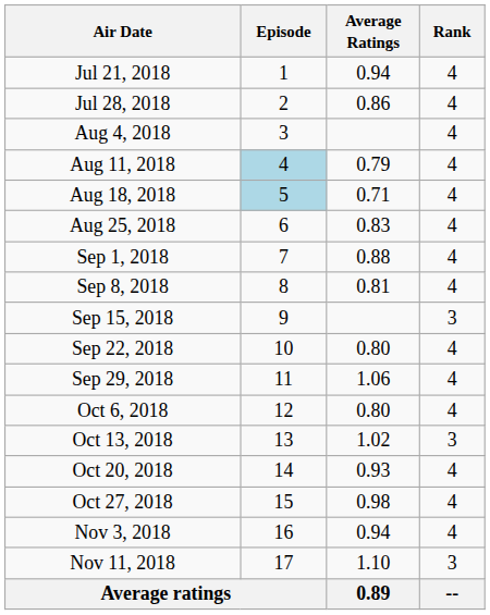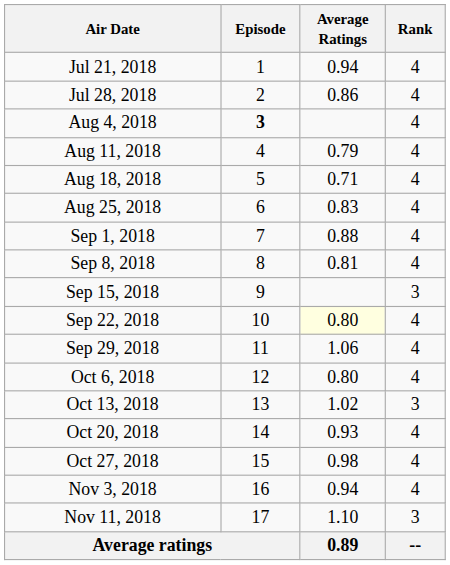 <table class="wikitable" style="text-align:center;width:45%;">
 <tr>
 <th width="25%"><small><strong>Air Date</strong></small></th>
 <th width="5%"><small><strong>Episode</strong></small></th>
 <th width="6%"><small><strong>Average Ratings</strong></small></th>
 <th width="4%"><small><strong>Rank</strong></small></th>
 </tr>
 <tr>
 <td>Jul 21, 2018</td>
 <td>1</td>
 <td>0.94</td>
 <td>4</td>
 </tr>
 <tr>
 <td>Jul 28, 2018</td>
 <td>2</td>
 <td>0.86</td>
 <td>4</td>
 </tr>
 <tr>
 <td>Aug 4, 2018</td>
-<td>3</td>
+<td><strong>3</strong></td>
 <td><strong></strong></td>
 <td>4</td>
 </tr>
 <tr>
 <td>Aug 11, 2018</td>
-<td style="background: lightblue;">4</td>
+<td>4</td>
 <td>0.79</td>
 <td>4</td>
 </tr>
 <tr>
 <td>Aug 18, 2018</td>
-<td style="background: lightblue;">5</td>
+<td>5</td>
 <td>0.71</td>
 <td>4</td>
 </tr>
 <tr>
 <td>Aug 25, 2018</td>
 <td>6</td>
 <td>0.83</td>
 <td>4</td>
 </tr>
 <tr>
 <td>Sep 1, 2018</td>
 <td>7</td>
 <td>0.88</td>
 <td>4</td>
 </tr>
 <tr>
 <td>Sep 8, 2018</td>
 <td>8</td>
 <td>0.81</td>
 <td>4</td>
 </tr>
 <tr>
 <td>Sep 15, 2018</td>
 <td>9</td>
 <td><strong></strong></td>
 <td>3</td>
 </tr>
 <tr>
 <td>Sep 22, 2018</td>
 <td>10</td>
-<td>0.80</td>
+<td style="background: lightyellow;">0.80</td>
 <td>4</td>
 </tr>
 <tr>
 <td>Sep 29, 2018</td>
 <td>11</td>
 <td>1.06</td>
 <td>4</td>
 </tr>
 <tr>
 <td>Oct 6, 2018</td>
 <td>12</td>
 <td>0.80</td>
 <td>4</td>
 </tr>
 <tr>
 <td>Oct 13, 2018</td>
 <td>13</td>
 <td>1.02</td>
 <td>3</td>
 </tr>
 <tr>
 <td>Oct 20, 2018</td>
 <td>14</td>
 <td>0.93</td>
 <td>4</td>
 </tr>
 <tr>
 <td>Oct 27, 2018</td>
 <td>15</td>
 <td>0.98</td>
 <td>4</td>
 </tr>
 <tr>
 <td>Nov 3, 2018</td>
 <td>16</td>
 <td>0.94</td>
 <td>4</td>
 </tr>
 <tr>
 <td>Nov 11, 2018</td>
 <td>17</td>
 <td>1.10</td>
 <td>3</td>
 </tr>
 <tr>
 <th colspan="2"><strong>Average ratings</strong></th>
 <th>0.89</th>
 <th>--</th>
 </tr>
 </table>
